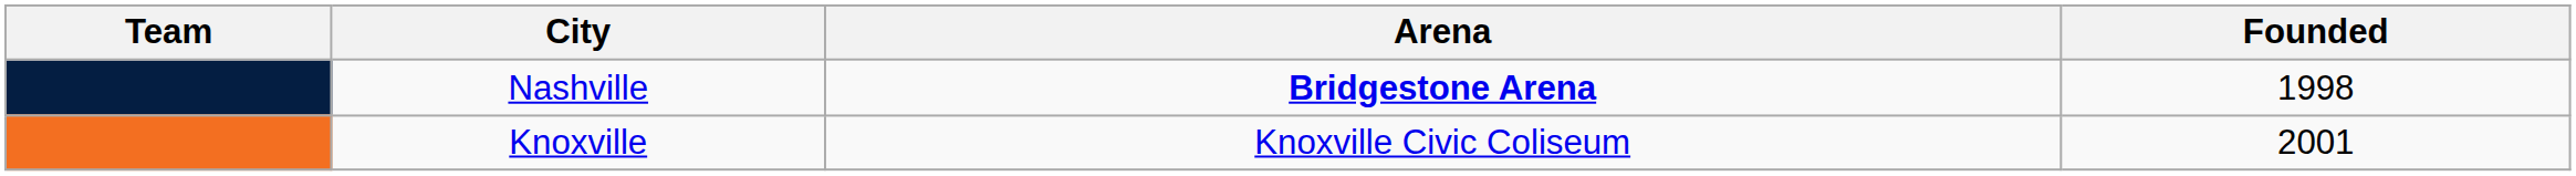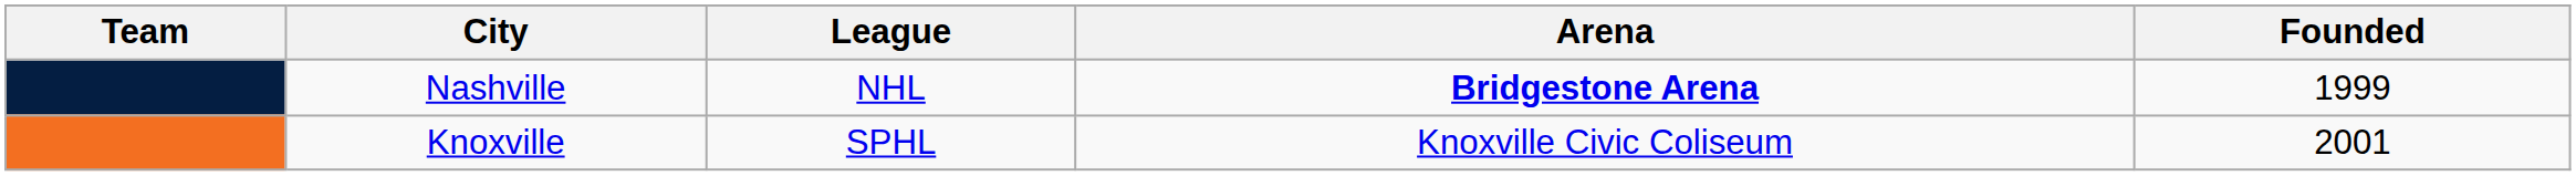 <table class="wikitable sortable" width="60%">
 <tr>
 <th>Team</th>
 <th>City</th>
+<th>League</th>
 <th>Arena</th>
 <th>Founded</th>
 </tr>
 <tr align=center>
 <td style="color:white; background:#041E42; "><strong><a href='#'></a></strong></td>
 <td><a href='#'>Nashville</a></td>
+<td><a href='#'>NHL</a></td>
 <td><strong><a href='#'>Bridgestone Arena</a></strong></td>
-<td>1998</td>
+<td>1999</td>
 </tr>
 <tr align=center>
 <td style="color:white; background:#f36f21; "><strong><a href='#'></a></strong></td>
 <td><a href='#'>Knoxville</a></td>
+<td><a href='#'>SPHL</a></td>
 <td><a href='#'>Knoxville Civic Coliseum</a></td>
 <td>2001</td>
 </tr>
 </table>
